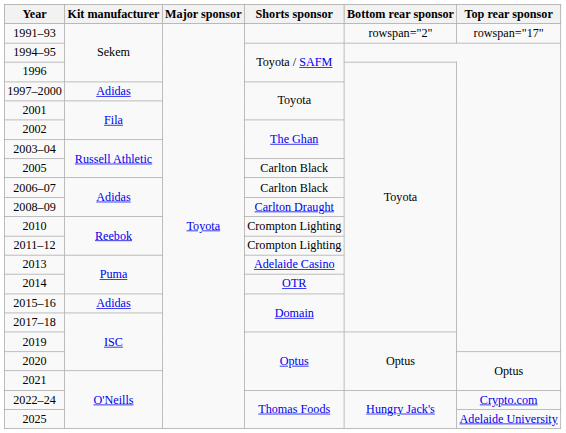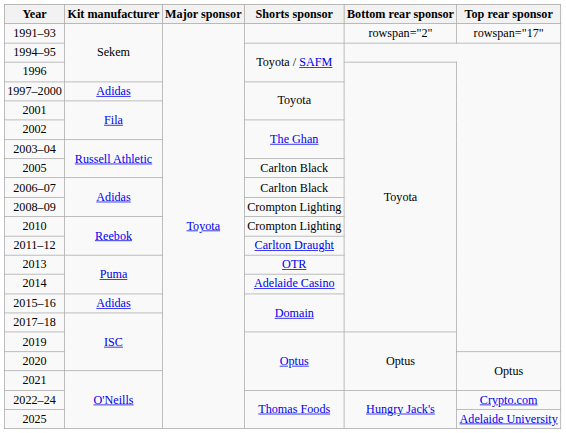 <table class="wikitable sortable" style="text-align:center">
 <tr style="background:#bdb76b;">
 <th>Year</th>
 <th>Kit manufacturer</th>
 <th>Major sponsor</th>
 <th>Shorts sponsor</th>
 <th>Bottom rear sponsor</th>
 <th>Top rear sponsor</th>
 </tr>
 <tr>
 <td>1991–93</td>
 <td rowspan="3">Sekem</td>
 <td rowspan="21"><a href='#'>Toyota</a></td>
 <td></td>
 <td>rowspan="2" </td>
 <td>rowspan="17" </td>
 </tr>
 <tr>
 <td>1994–95</td>
 <td rowspan="2">Toyota / <a href='#'>SAFM</a></td>
 </tr>
 <tr>
 <td>1996</td>
 <td rowspan="14">Toyota</td>
 </tr>
 <tr>
 <td>1997–2000</td>
 <td><a href='#'>Adidas</a></td>
 <td rowspan="2">Toyota</td>
 </tr>
 <tr>
 <td>2001</td>
 <td rowspan="2"><a href='#'>Fila</a></td>
 </tr>
 <tr>
 <td>2002</td>
 <td rowspan="2"><a href='#'>The Ghan</a></td>
 </tr>
 <tr>
 <td>2003–04</td>
 <td rowspan="2"><a href='#'>Russell Athletic</a></td>
 </tr>
 <tr>
 <td>2005</td>
 <td>Carlton Black</td>
 </tr>
 <tr>
 <td>2006–07</td>
 <td rowspan="2"><a href='#'>Adidas</a></td>
 <td>Carlton Black</td>
 </tr>
 <tr>
 <td>2008–09</td>
-<td><a href='#'>Carlton Draught</a></td>
+<td>Crompton Lighting</td>
 </tr>
 <tr>
 <td>2010</td>
 <td rowspan="2"><a href='#'>Reebok</a></td>
 <td>Crompton Lighting</td>
 </tr>
 <tr>
 <td>2011–12</td>
-<td>Crompton Lighting</td>
+<td><a href='#'>Carlton Draught</a></td>
 </tr>
 <tr>
 <td>2013</td>
 <td rowspan="2"><a href='#'>Puma</a></td>
-<td><a href='#'>Adelaide Casino</a></td>
+<td><a href='#'>OTR</a></td>
 </tr>
 <tr>
 <td>2014</td>
-<td><a href='#'>OTR</a></td>
+<td><a href='#'>Adelaide Casino</a></td>
 </tr>
 <tr>
 <td>2015–16</td>
 <td><a href='#'>Adidas</a></td>
 <td rowspan="2"><a href='#'>Domain</a></td>
 </tr>
 <tr>
 <td>2017–18</td>
 <td rowspan="3"><a href='#'>ISC</a></td>
 </tr>
 <tr>
 <td>2019</td>
 <td rowspan="3"><a href='#'>Optus</a></td>
 <td rowspan="3">Optus</td>
 </tr>
 <tr>
 <td>2020</td>
 <td rowspan="2">Optus</td>
 </tr>
 <tr>
 <td>2021</td>
 <td rowspan="3"><a href='#'>O'Neills</a></td>
 </tr>
 <tr>
 <td>2022–24</td>
 <td rowspan="2"><a href='#'>Thomas Foods</a></td>
 <td rowspan="2"><a href='#'>Hungry Jack's</a></td>
 <td><a href='#'>Crypto.com</a></td>
 </tr>
 <tr>
 <td>2025</td>
 <td><a href='#'>Adelaide University</a></td>
 </tr>
 </table>
